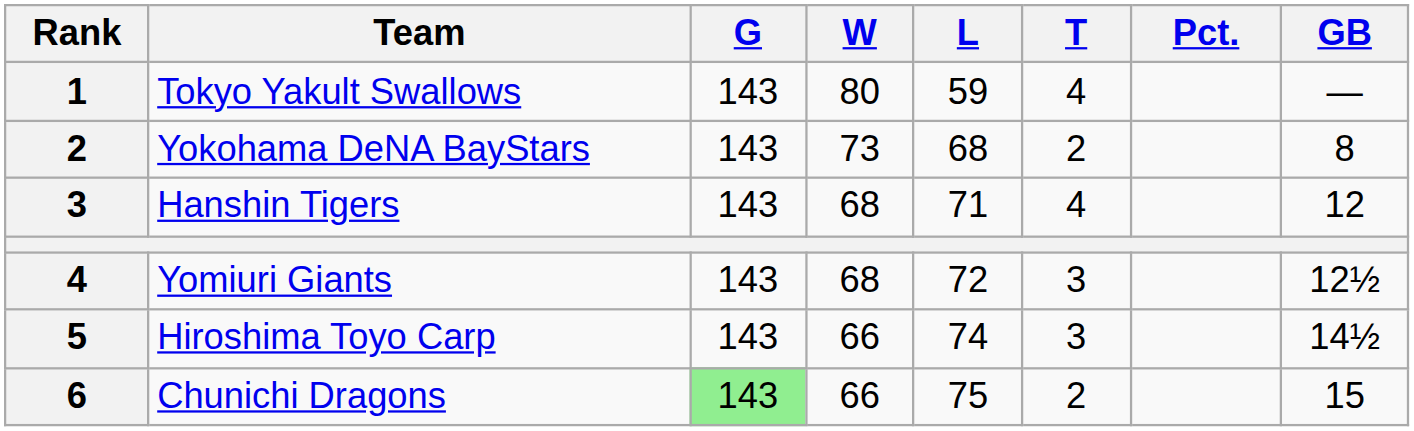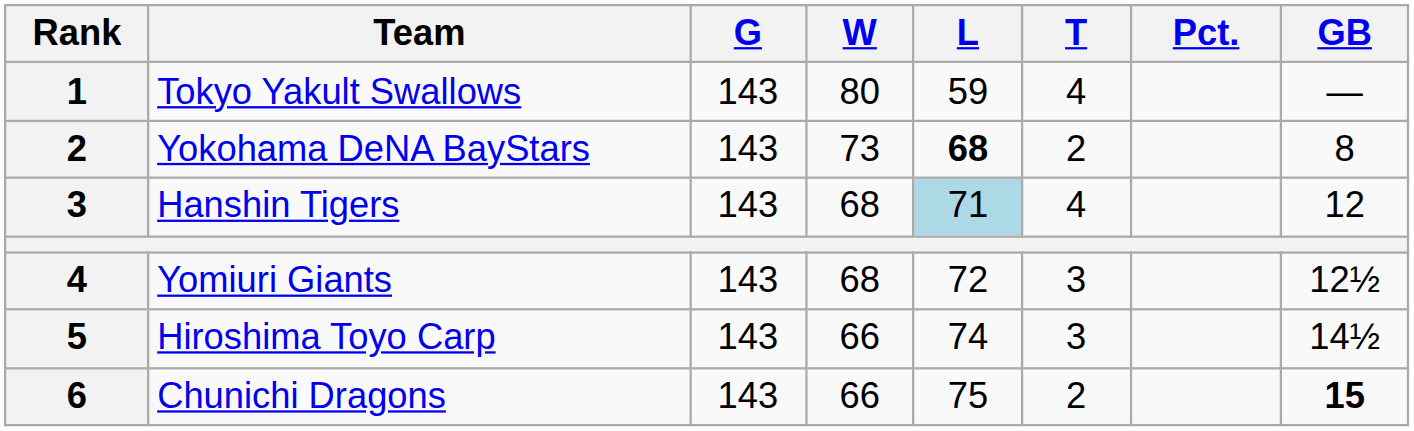 <table class="wikitable plainrowheaders" width="70%" style="text-align:center;">
 <tr>
 <th scope="col" width="5%">Rank</th>
 <th scope="col" width="25%">Team</th>
 <th scope="col" width="5%"><a href='#'>G</a></th>
 <th scope="col" width="5%"><a href='#'>W</a></th>
 <th scope="col" width="5%"><a href='#'>L</a></th>
 <th scope="col" width="5%"><a href='#'>T</a></th>
 <th scope="col" width="7%"><a href='#'>Pct.</a></th>
 <th scope="col" width="5%"><a href='#'>GB</a></th>
 </tr>
 <tr>
 <th>1</th>
 <td style="text-align:left;"><a href='#'>Tokyo Yakult Swallows</a></td>
 <td>143</td>
 <td>80</td>
 <td>59</td>
 <td>4</td>
 <td></td>
 <td>—</td>
 </tr>
 <tr>
 <th>2</th>
 <td style="text-align:left;"><a href='#'>Yokohama DeNA BayStars</a></td>
 <td>143</td>
 <td>73</td>
-<td>68</td>
+<td><strong>68</strong></td>
 <td>2</td>
 <td></td>
 <td>8</td>
 </tr>
 <tr>
 <th>3</th>
 <td style="text-align:left;"><a href='#'>Hanshin Tigers</a></td>
 <td>143</td>
 <td>68</td>
-<td>71</td>
+<td style="background: lightblue;">71</td>
 <td>4</td>
 <td></td>
 <td>12</td>
 </tr>
 <tr>
 <th colspan="10"></th>
 </tr>
 <tr>
 <th>4</th>
 <td style="text-align:left;"><a href='#'>Yomiuri Giants</a></td>
 <td>143</td>
 <td>68</td>
 <td>72</td>
 <td>3</td>
 <td></td>
 <td>12½</td>
 </tr>
 <tr>
 <th>5</th>
 <td style="text-align:left;"><a href='#'>Hiroshima Toyo Carp</a></td>
 <td>143</td>
 <td>66</td>
 <td>74</td>
 <td>3</td>
 <td></td>
 <td>14½</td>
 </tr>
 <tr>
 <th>6</th>
 <td style="text-align:left;"><a href='#'>Chunichi Dragons</a></td>
-<td style="background: lightgreen;">143</td>
+<td>143</td>
 <td>66</td>
 <td>75</td>
 <td>2</td>
 <td></td>
-<td>15</td>
+<td><strong>15</strong></td>
 </tr>
 </table>
